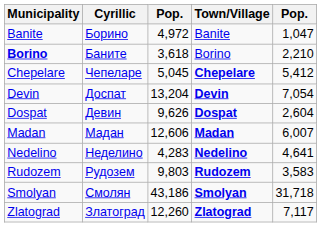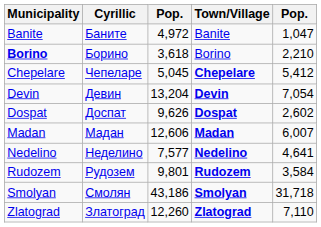 <table class="wikitable sortable">
 <tr>
 <th>Municipality</th>
 <th>Cyrillic</th>
 <th>Pop.</th>
 <th>Town/Village</th>
 <th>Pop.</th>
 </tr>
 <tr>
 <td><a href='#'>Banite</a></td>
-<td><a href='#'>Борино</a></td>
+<td><a href='#'>Баните</a></td>
 <td align="right">4,972</td>
 <td><a href='#'>Banite</a></td>
 <td align="right">1,047</td>
 </tr>
 <tr>
 <td><strong><a href='#'>Borino</a></strong></td>
-<td><a href='#'>Баните</a></td>
+<td><a href='#'>Борино</a></td>
 <td align="right">3,618</td>
 <td><a href='#'>Borino</a></td>
 <td align="right">2,210</td>
 </tr>
 <tr>
 <td><a href='#'>Chepelare</a></td>
 <td><a href='#'>Чепеларе</a></td>
 <td align="right">5,045</td>
 <td><strong><a href='#'>Chepelare</a></strong></td>
 <td align="right">5,412</td>
 </tr>
 <tr>
 <td><a href='#'>Devin</a></td>
-<td><a href='#'>Доспат</a></td>
+<td><a href='#'>Девин</a></td>
 <td align="right">13,204</td>
 <td><strong><a href='#'>Devin</a></strong></td>
 <td align="right">7,054</td>
 </tr>
 <tr>
 <td><a href='#'>Dospat</a></td>
-<td><a href='#'>Девин</a></td>
+<td><a href='#'>Доспат</a></td>
 <td align="right">9,626</td>
 <td><strong><a href='#'>Dospat</a></strong></td>
-<td align="right">2,604</td>
+<td align="right">2,602</td>
 </tr>
 <tr>
 <td><a href='#'>Madan</a></td>
 <td><a href='#'>Мадан</a></td>
 <td align="right">12,606</td>
 <td><strong><a href='#'>Madan</a></strong></td>
 <td align="right">6,007</td>
 </tr>
 <tr>
 <td><a href='#'>Nedelino</a></td>
 <td><a href='#'>Неделино</a></td>
-<td align="right">4,283</td>
+<td align="right">7,577</td>
 <td><strong><a href='#'>Nedelino</a></strong></td>
 <td align="right">4,641</td>
 </tr>
 <tr>
 <td><a href='#'>Rudozem</a></td>
 <td><a href='#'>Рудозем</a></td>
-<td align="right">9,803</td>
+<td align="right">9,801</td>
 <td><strong><a href='#'>Rudozem</a></strong></td>
-<td align="right">3,583</td>
+<td align="right">3,584</td>
 </tr>
 <tr>
 <td><a href='#'>Smolyan</a></td>
 <td><a href='#'>Смолян</a></td>
 <td align="right">43,186</td>
 <td><strong><a href='#'>Smolyan</a></strong></td>
 <td align="right">31,718</td>
 </tr>
 <tr>
 <td><a href='#'>Zlatograd</a></td>
 <td><a href='#'>Златоград</a></td>
 <td align="right">12,260</td>
 <td><strong><a href='#'>Zlatograd</a></strong></td>
-<td align="right">7,117</td>
+<td align="right">7,110</td>
 </tr>
 </table>
